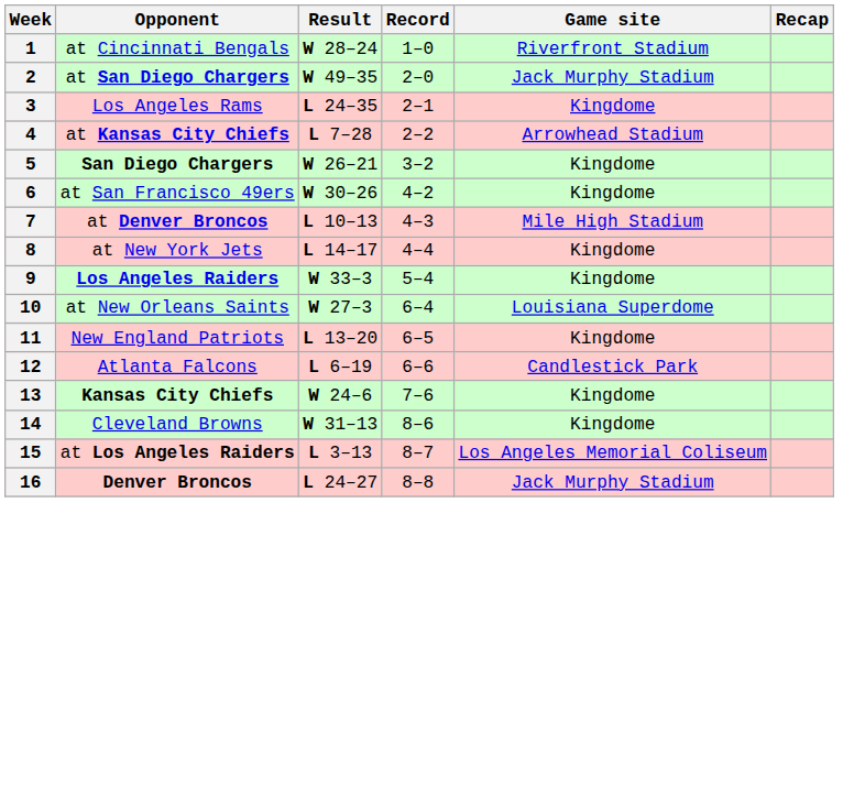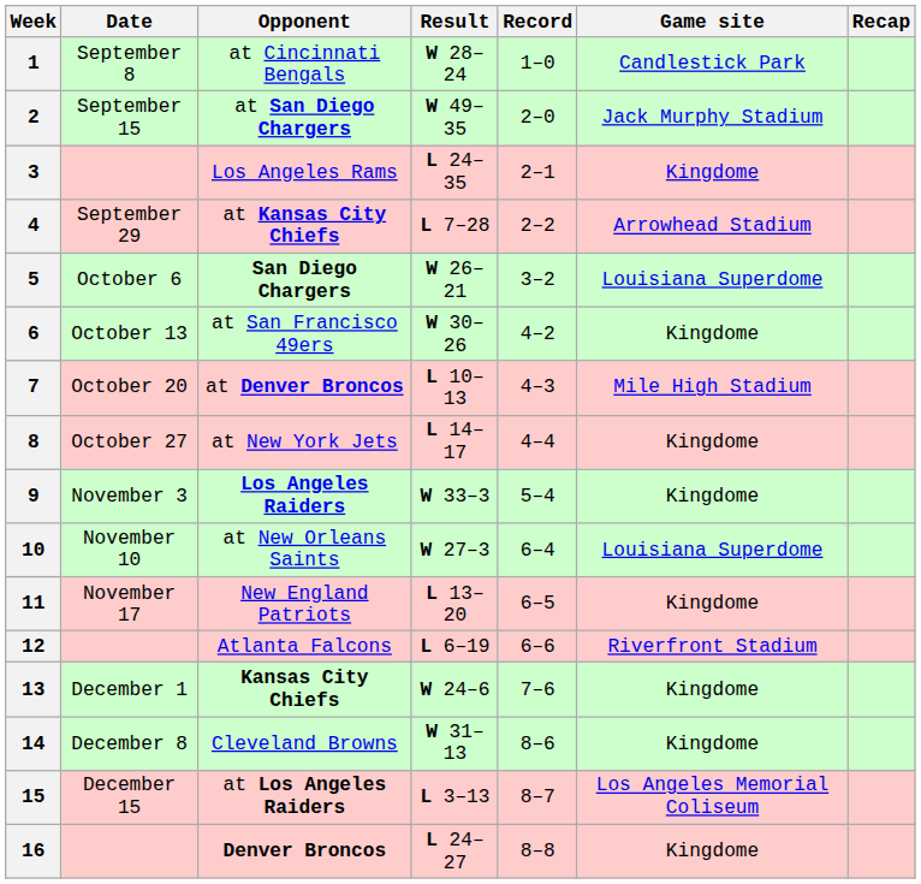 <table class="wikitable" style="text-align:center">
 <tr>
 <th>Week</th>
+<th>Date</th>
 <th>Opponent</th>
 <th>Result</th>
 <th>Record</th>
 <th>Game site</th>
 <th>Recap</th>
 </tr>
 <tr style="background:#cfc">
 <th>1</th>
+<td>September 8</td>
 <td>at <a href='#'>Cincinnati Bengals</a></td>
 <td><strong>W</strong> 28–24</td>
 <td>1–0</td>
-<td><a href='#'>Riverfront Stadium</a></td>
+<td><a href='#'>Candlestick Park</a></td>
 <td></td>
 </tr>
 <tr style="background:#cfc">
 <th>2</th>
+<td>September 15</td>
 <td>at <strong><a href='#'>San Diego Chargers</a></strong></td>
 <td><strong>W</strong> 49–35</td>
 <td>2–0</td>
 <td><a href='#'>Jack Murphy Stadium</a></td>
 <td></td>
 </tr>
 <tr style="background:#fcc">
 <th>3</th>
+<td></td>
 <td><a href='#'>Los Angeles Rams</a></td>
 <td><strong>L</strong> 24–35</td>
 <td>2–1</td>
 <td><a href='#'>Kingdome</a></td>
 <td></td>
 </tr>
 <tr style="background:#fcc">
 <th>4</th>
+<td>September 29</td>
 <td>at <strong><a href='#'>Kansas City Chiefs</a></strong></td>
 <td><strong>L</strong> 7–28</td>
 <td>2–2</td>
 <td><a href='#'>Arrowhead Stadium</a></td>
 <td></td>
 </tr>
 <tr style="background:#cfc">
 <th>5</th>
+<td>October 6</td>
 <td><strong>San Diego Chargers</strong></td>
 <td><strong>W</strong> 26–21</td>
 <td>3–2</td>
-<td>Kingdome</td>
+<td><a href='#'>Louisiana Superdome</a></td>
 <td></td>
 </tr>
 <tr style="background:#cfc">
 <th>6</th>
+<td>October 13</td>
 <td>at <a href='#'>San Francisco 49ers</a></td>
 <td><strong>W</strong> 30–26</td>
 <td>4–2</td>
 <td>Kingdome</td>
 <td></td>
 </tr>
 <tr style="background:#fcc">
 <th>7</th>
+<td>October 20</td>
 <td>at <strong><a href='#'>Denver Broncos</a></strong></td>
 <td><strong>L</strong> 10–13 </td>
 <td>4–3</td>
 <td><a href='#'>Mile High Stadium</a></td>
 <td></td>
 </tr>
 <tr style="background:#fcc">
 <th>8</th>
+<td>October 27</td>
 <td>at <a href='#'>New York Jets</a></td>
 <td><strong>L</strong> 14–17</td>
 <td>4–4</td>
 <td>Kingdome</td>
 <td></td>
 </tr>
 <tr style="background:#cfc">
 <th>9</th>
+<td>November 3</td>
 <td><strong><a href='#'>Los Angeles Raiders</a></strong></td>
 <td><strong>W</strong> 33–3</td>
 <td>5–4</td>
 <td>Kingdome</td>
 <td></td>
 </tr>
 <tr style="background:#cfc">
 <th>10</th>
+<td>November 10</td>
 <td>at <a href='#'>New Orleans Saints</a></td>
 <td><strong>W</strong> 27–3</td>
 <td>6–4</td>
 <td><a href='#'>Louisiana Superdome</a></td>
 <td></td>
 </tr>
 <tr style="background:#fcc">
 <th>11</th>
+<td>November 17</td>
 <td><a href='#'>New England Patriots</a></td>
 <td><strong>L</strong> 13–20</td>
 <td>6–5</td>
 <td>Kingdome</td>
 <td></td>
 </tr>
 <tr style="background:#fcc">
 <th>12</th>
+<td></td>
 <td><a href='#'>Atlanta Falcons</a></td>
 <td><strong>L</strong> 6–19</td>
 <td>6–6</td>
-<td><a href='#'>Candlestick Park</a></td>
+<td><a href='#'>Riverfront Stadium</a></td>
 <td></td>
 </tr>
 <tr style="background:#cfc">
 <th>13</th>
+<td>December 1</td>
 <td><strong>Kansas City Chiefs</strong></td>
 <td><strong>W</strong> 24–6</td>
 <td>7–6</td>
 <td>Kingdome</td>
 <td></td>
 </tr>
 <tr style="background:#cfc">
 <th>14</th>
+<td>December 8</td>
 <td><a href='#'>Cleveland Browns</a></td>
 <td><strong>W</strong> 31–13</td>
 <td>8–6</td>
 <td>Kingdome</td>
 <td></td>
 </tr>
 <tr style="background:#fcc">
 <th>15</th>
+<td>December 15</td>
 <td>at <strong>Los Angeles Raiders</strong></td>
 <td><strong>L</strong> 3–13</td>
 <td>8–7</td>
 <td><a href='#'>Los Angeles Memorial Coliseum</a></td>
 <td></td>
 </tr>
 <tr style="background:#fcc">
 <th>16</th>
+<td></td>
 <td><strong>Denver Broncos</strong></td>
 <td><strong>L</strong> 24–27</td>
 <td>8–8</td>
-<td><a href='#'>Jack Murphy Stadium</a></td>
+<td>Kingdome</td>
 <td></td>
 </tr>
 </table>
